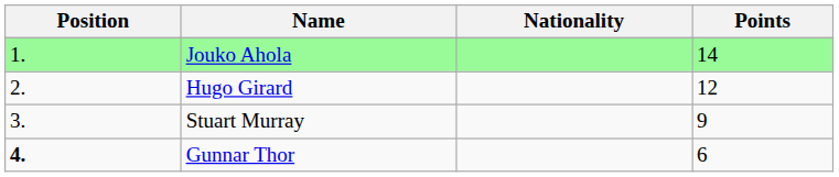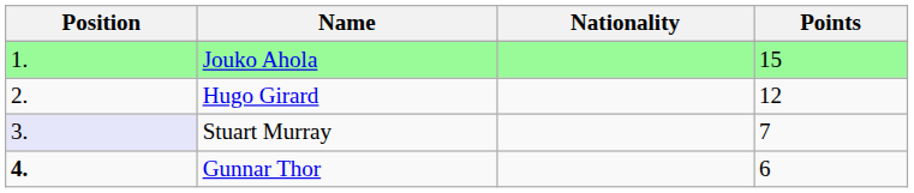 <table class="wikitable" style="display: inline-table; width: 50%;">
 <tr>
 <th>Position</th>
 <th>Name</th>
 <th>Nationality</th>
 <th>Points</th>
 </tr>
 <tr>
 </tr>
 <tr bgcolor=palegreen>
 <td>1.</td>
 <td><a href='#'>Jouko Ahola</a></td>
 <td></td>
-<td>14</td>
+<td>15</td>
 </tr>
 <tr>
 <td>2.</td>
 <td><a href='#'>Hugo Girard</a></td>
 <td></td>
 <td>12</td>
 </tr>
 <tr>
-<td>3.</td>
+<td style="background: lavender;">3.</td>
 <td>Stuart Murray</td>
 <td></td>
-<td>9</td>
+<td>7</td>
 </tr>
 <tr>
 <td><strong>4.</strong></td>
 <td><a href='#'>Gunnar Thor</a></td>
 <td></td>
 <td>6</td>
 </tr>
 </table>
